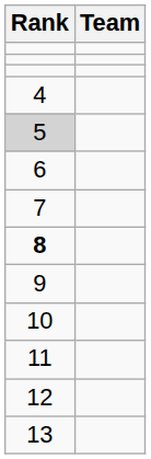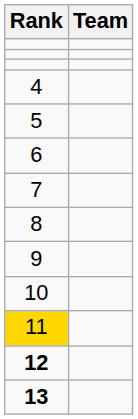 <table class="wikitable">
 <tr>
 <th>Rank</th>
 <th>Team</th>
 </tr>
 <tr>
 <td align=center></td>
 <td align="left"></td>
 </tr>
 <tr>
 <td align=center></td>
 <td align="left"></td>
 </tr>
 <tr>
 <td align=center></td>
 <td align="left"></td>
 </tr>
 <tr>
 <td align=center>4</td>
 <td align="left"></td>
 </tr>
 <tr>
-<td align=center style="background: lightgrey;">5</td>
+<td align=center>5</td>
 <td align="left"></td>
 </tr>
 <tr>
 <td align=center>6</td>
 <td align="left"></td>
 </tr>
 <tr>
 <td align=center>7</td>
 <td align="left"></td>
 </tr>
 <tr>
-<td align=center><strong>8</strong></td>
+<td align=center>8</td>
 <td align="left"></td>
 </tr>
 <tr>
 <td align=center>9</td>
 <td align="left"></td>
 </tr>
 <tr>
 <td align=center>10</td>
 <td align="left"></td>
 </tr>
 <tr>
-<td align=center>11</td>
+<td align=center style="background: gold;">11</td>
 <td align="left"></td>
 </tr>
 <tr>
-<td align=center>12</td>
+<td align=center><strong>12</strong></td>
 <td align="left"></td>
 </tr>
 <tr>
-<td align=center>13</td>
+<td align=center><strong>13</strong></td>
 <td align="left"></td>
 </tr>
 </table>
